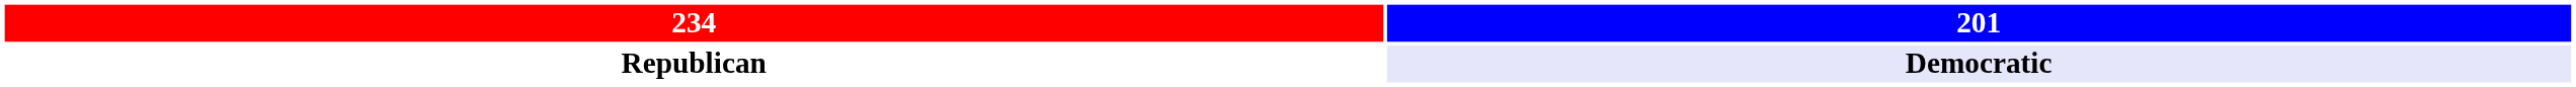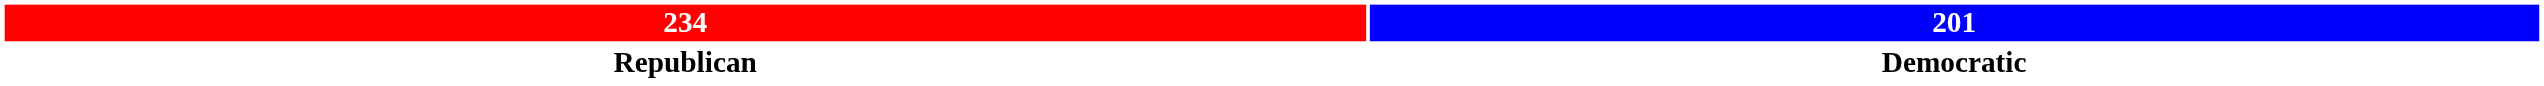 <table style="width:70%; text-align:center;">
 <tr style="color:white;">
 <td style="background:red; width:53.79%;"><strong>234</strong></td>
 <td style="background:blue; width:46.21%;"><strong>201</strong></td>
 </tr>
 <tr>
 <td><span><strong>Republican</strong></span></td>
-<td style="background: lavender;"><span><strong>Democratic</strong></span></td>
+<td><span><strong>Democratic</strong></span></td>
 </tr>
 </table>
